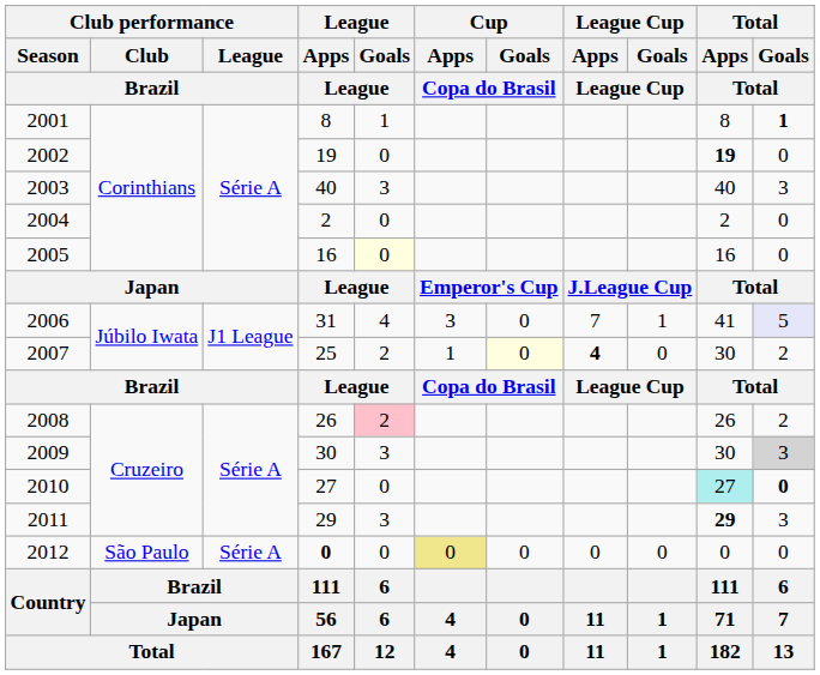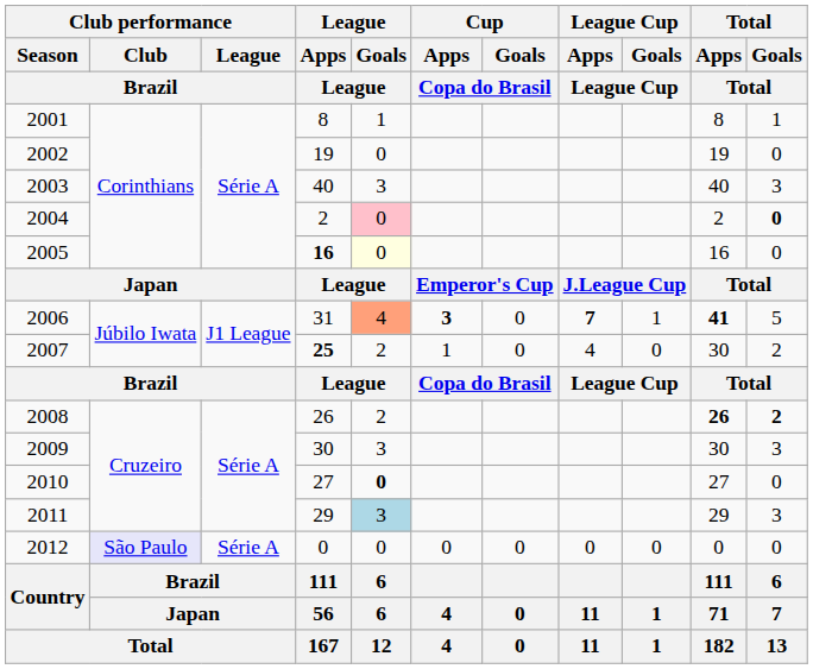 <table class="wikitable" style="text-align:center;">
 <tr>
 <th colspan=3>Club performance</th>
 <th colspan=2>League</th>
 <th colspan=2>Cup</th>
 <th colspan=2>League Cup</th>
 <th colspan=2>Total</th>
 </tr>
 <tr>
 <th>Season</th>
 <th>Club</th>
 <th>League</th>
 <th>Apps</th>
 <th>Goals</th>
 <th>Apps</th>
 <th>Goals</th>
 <th>Apps</th>
 <th>Goals</th>
 <th>Apps</th>
 <th>Goals</th>
 </tr>
 <tr>
 <th colspan=3>Brazil</th>
 <th colspan=2>League</th>
 <th colspan=2><a href='#'>Copa do Brasil</a></th>
 <th colspan=2>League Cup</th>
 <th colspan=2>Total</th>
 </tr>
 <tr>
 <td>2001</td>
 <td rowspan="5"><a href='#'>Corinthians</a></td>
 <td rowspan="5"><a href='#'>Série A</a></td>
 <td>8</td>
 <td>1</td>
 <td></td>
 <td></td>
 <td></td>
 <td></td>
 <td>8</td>
-<td><strong>1</strong></td>
+<td>1</td>
 </tr>
 <tr>
 <td>2002</td>
 <td>19</td>
 <td>0</td>
 <td></td>
 <td></td>
 <td></td>
 <td></td>
-<td><strong>19</strong></td>
+<td>19</td>
 <td>0</td>
 </tr>
 <tr>
 <td>2003</td>
 <td>40</td>
 <td>3</td>
 <td></td>
 <td></td>
 <td></td>
 <td></td>
 <td>40</td>
 <td>3</td>
 </tr>
 <tr>
 <td>2004</td>
 <td>2</td>
-<td>0</td>
+<td style="background: pink;">0</td>
 <td></td>
 <td></td>
 <td></td>
 <td></td>
 <td>2</td>
-<td>0</td>
+<td><strong>0</strong></td>
 </tr>
 <tr>
 <td>2005</td>
-<td>16</td>
+<td><strong>16</strong></td>
 <td style="background: lightyellow;">0</td>
 <td></td>
 <td></td>
 <td></td>
 <td></td>
 <td>16</td>
 <td>0</td>
 </tr>
 <tr>
 <th colspan=3>Japan</th>
 <th colspan=2>League</th>
 <th colspan=2><a href='#'>Emperor's Cup</a></th>
 <th colspan=2><a href='#'>J.League Cup</a></th>
 <th colspan=2>Total</th>
 </tr>
 <tr>
 <td>2006</td>
 <td rowspan="2"><a href='#'>Júbilo Iwata</a></td>
 <td rowspan="2"><a href='#'>J1 League</a></td>
 <td>31</td>
-<td>4</td>
-<td>3</td>
+<td style="background: lightsalmon;">4</td>
+<td><strong>3</strong></td>
 <td>0</td>
-<td>7</td>
+<td><strong>7</strong></td>
 <td>1</td>
-<td>41</td>
-<td style="background: lavender;">5</td>
+<td><strong>41</strong></td>
+<td>5</td>
 </tr>
 <tr>
 <td>2007</td>
-<td>25</td>
+<td><strong>25</strong></td>
 <td>2</td>
 <td>1</td>
-<td style="background: lightyellow;">0</td>
-<td><strong>4</strong></td>
+<td>0</td>
+<td>4</td>
 <td>0</td>
 <td>30</td>
 <td>2</td>
 </tr>
 <tr>
 <th colspan=3>Brazil</th>
 <th colspan=2>League</th>
 <th colspan=2><a href='#'>Copa do Brasil</a></th>
 <th colspan=2>League Cup</th>
 <th colspan=2>Total</th>
 </tr>
 <tr>
 <td>2008</td>
 <td rowspan="4"><a href='#'>Cruzeiro</a></td>
 <td rowspan="4"><a href='#'>Série A</a></td>
 <td>26</td>
-<td style="background: pink;">2</td>
+<td>2</td>
 <td></td>
 <td></td>
 <td></td>
 <td></td>
-<td>26</td>
-<td>2</td>
+<td><strong>26</strong></td>
+<td><strong>2</strong></td>
 </tr>
 <tr>
 <td>2009</td>
 <td>30</td>
 <td>3</td>
 <td></td>
 <td></td>
 <td></td>
 <td></td>
 <td>30</td>
-<td style="background: lightgrey;">3</td>
+<td>3</td>
 </tr>
 <tr>
 <td>2010</td>
 <td>27</td>
-<td>0</td>
+<td><strong>0</strong></td>
 <td></td>
 <td></td>
 <td></td>
 <td></td>
-<td style="background: paleturquoise;">27</td>
-<td><strong>0</strong></td>
+<td>27</td>
+<td>0</td>
 </tr>
 <tr>
 <td>2011</td>
 <td>29</td>
-<td>3</td>
+<td style="background: lightblue;">3</td>
 <td></td>
 <td></td>
 <td></td>
 <td></td>
-<td><strong>29</strong></td>
+<td>29</td>
 <td>3</td>
 </tr>
 <tr>
 <td>2012</td>
-<td rowspan="1"><a href='#'>São Paulo</a></td>
+<td rowspan="1" style="background: lavender;"><a href='#'>São Paulo</a></td>
 <td rowspan="1"><a href='#'>Série A</a></td>
-<td><strong>0</strong></td>
 <td>0</td>
-<td style="background: khaki;">0</td>
+<td>0</td>
+<td>0</td>
 <td>0</td>
 <td>0</td>
 <td>0</td>
 <td>0</td>
 <td>0</td>
 </tr>
 <tr>
 <th rowspan=2>Country</th>
 <th colspan=2>Brazil</th>
 <th>111</th>
 <th>6</th>
 <th></th>
 <th></th>
 <th></th>
 <th></th>
 <th>111</th>
 <th>6</th>
 </tr>
 <tr>
 <th colspan=2>Japan</th>
 <th>56</th>
 <th>6</th>
 <th>4</th>
 <th>0</th>
 <th>11</th>
 <th>1</th>
 <th>71</th>
 <th>7</th>
 </tr>
 <tr>
 <th colspan=3>Total</th>
 <th>167</th>
 <th>12</th>
 <th>4</th>
 <th>0</th>
 <th>11</th>
 <th>1</th>
 <th>182</th>
 <th>13</th>
 </tr>
 </table>
